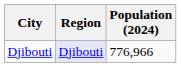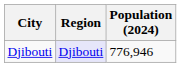 <table class="wikitable sortable sticky-header col3right">
 <tr>
 <th>City</th>
 <th>Region</th>
 <th>Population<br>(2024)</th>
 </tr>
 <tr>
 <td><a href='#'>Djibouti</a></td>
 <td style="background: lavender;"><a href='#'>Djibouti</a></td>
-<td>776,966</td>
+<td>776,946</td>
 </tr>
 </table>
